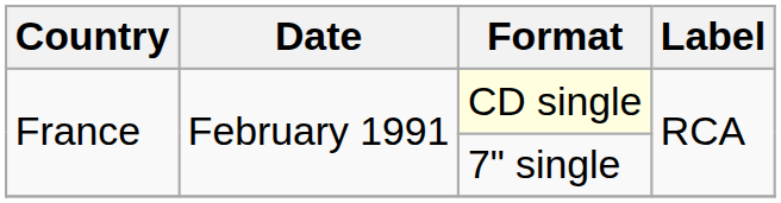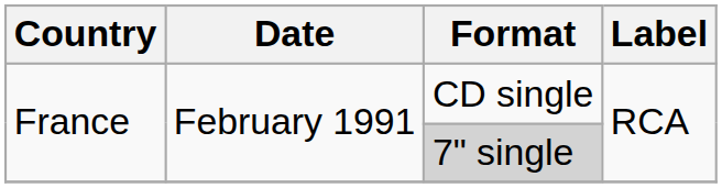 <table class=wikitable>
 <tr>
 <th>Country</th>
 <th>Date</th>
 <th>Format</th>
 <th>Label</th>
 </tr>
 <tr>
 <td rowspan="2">France</td>
 <td rowspan="2">February 1991</td>
-<td style="background: lightyellow;">CD single</td>
+<td>CD single</td>
 <td rowspan="2">RCA</td>
 </tr>
 <tr>
-<td>7" single</td>
+<td style="background: lightgrey;">7" single</td>
 </tr>
 <tr>
 </tr>
 </table>
